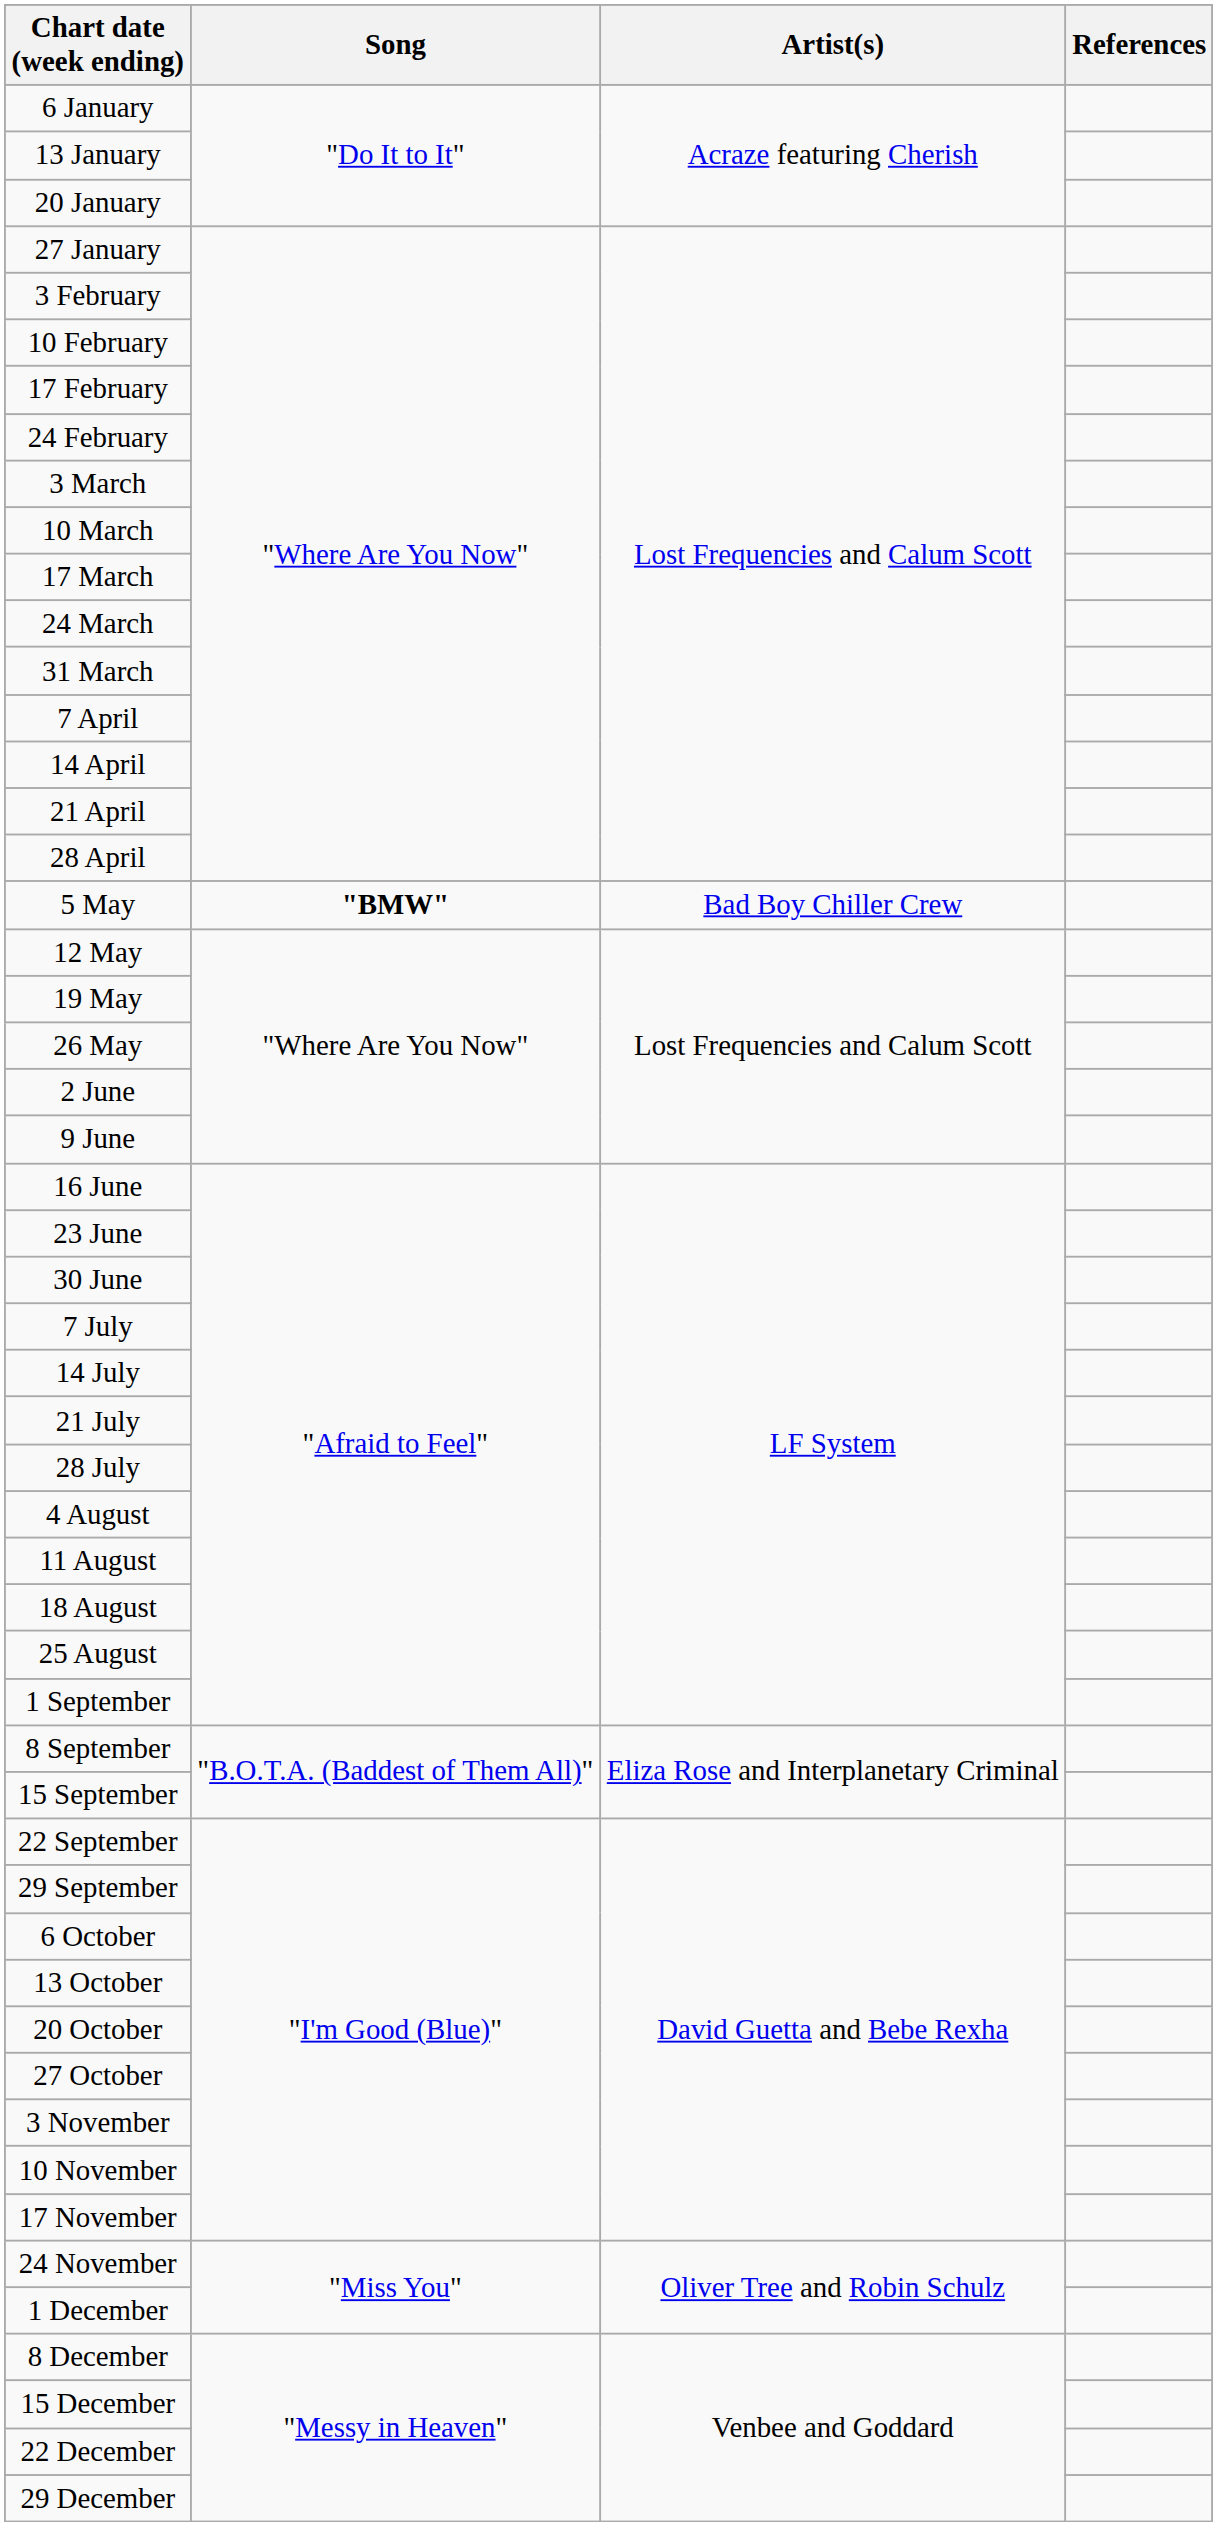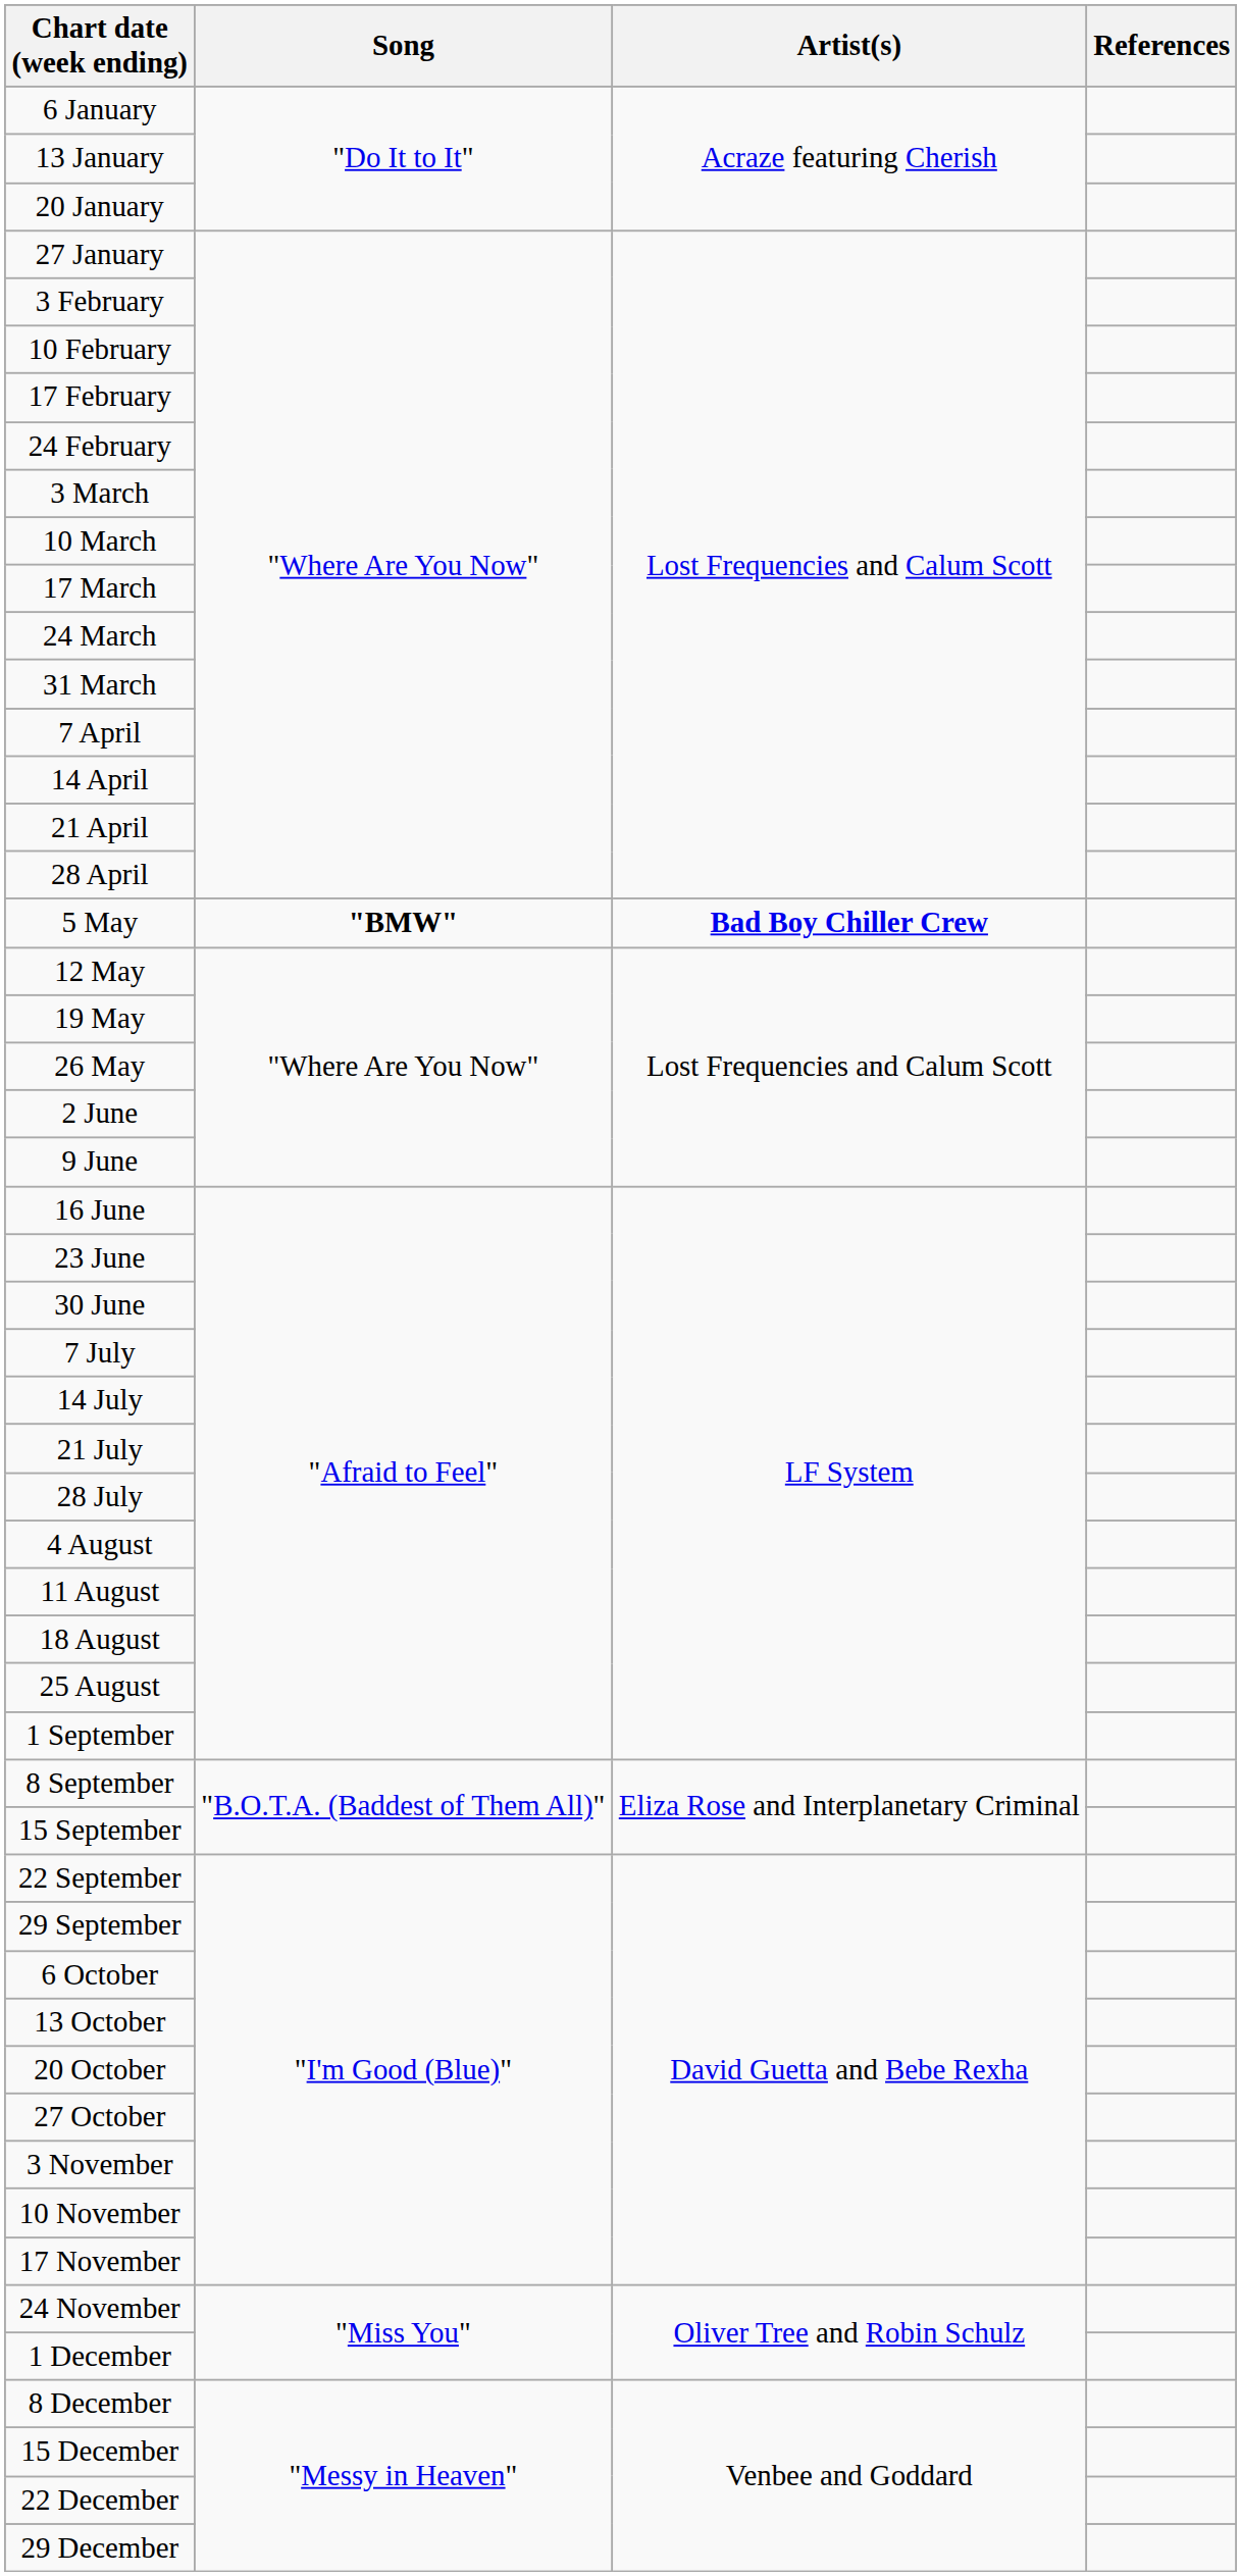 <table class="wikitable" style="font-size:97%; text-align:center;">
 <tr>
 <th>Chart date<br>(week ending)</th>
 <th>Song</th>
 <th>Artist(s)</th>
 <th>References</th>
 </tr>
 <tr>
 <td>6 January</td>
 <td rowspan=3>"<a href='#'>Do It to It</a>"</td>
 <td rowspan=3><a href='#'>Acraze</a> featuring <a href='#'>Cherish</a></td>
 <td></td>
 </tr>
 <tr>
 <td>13 January</td>
 <td></td>
 </tr>
 <tr>
 <td>20 January</td>
 <td></td>
 </tr>
 <tr>
 <td>27 January</td>
 <td rowspan=14>"<a href='#'>Where Are You Now</a>"</td>
 <td rowspan=14><a href='#'>Lost Frequencies</a> and <a href='#'>Calum Scott</a></td>
 <td></td>
 </tr>
 <tr>
 <td>3 February</td>
 <td></td>
 </tr>
 <tr>
 <td>10 February</td>
 <td></td>
 </tr>
 <tr>
 <td>17 February</td>
 <td></td>
 </tr>
 <tr>
 <td>24 February</td>
 <td></td>
 </tr>
 <tr>
 <td>3 March</td>
 <td></td>
 </tr>
 <tr>
 <td>10 March</td>
 <td></td>
 </tr>
 <tr>
 <td>17 March</td>
 <td></td>
 </tr>
 <tr>
 <td>24 March</td>
 <td></td>
 </tr>
 <tr>
 <td>31 March</td>
 <td></td>
 </tr>
 <tr>
 <td>7 April</td>
 <td></td>
 </tr>
 <tr>
 <td>14 April</td>
 <td></td>
 </tr>
 <tr>
 <td>21 April</td>
 <td></td>
 </tr>
 <tr>
 <td>28 April</td>
 <td></td>
 </tr>
 <tr>
 <td>5 May</td>
 <td><strong>"BMW"</strong></td>
-<td><a href='#'>Bad Boy Chiller Crew</a></td>
+<td><strong><a href='#'>Bad Boy Chiller Crew</a></strong></td>
 <td></td>
 </tr>
 <tr>
 <td>12 May</td>
 <td rowspan=5>"Where Are You Now"</td>
 <td rowspan=5>Lost Frequencies and Calum Scott</td>
 <td></td>
 </tr>
 <tr>
 <td>19 May</td>
 <td></td>
 </tr>
 <tr>
 <td>26 May</td>
 <td></td>
 </tr>
 <tr>
 <td>2 June</td>
 <td></td>
 </tr>
 <tr>
 <td>9 June</td>
 <td></td>
 </tr>
 <tr>
 <td>16 June</td>
 <td rowspan=12>"<a href='#'>Afraid to Feel</a>"</td>
 <td rowspan=12><a href='#'>LF System</a></td>
 <td></td>
 </tr>
 <tr>
 <td>23 June</td>
 <td></td>
 </tr>
 <tr>
 <td>30 June</td>
 <td></td>
 </tr>
 <tr>
 <td>7 July</td>
 <td></td>
 </tr>
 <tr>
 <td>14 July </td>
 <td></td>
 </tr>
 <tr>
 <td>21 July </td>
 <td></td>
 </tr>
 <tr>
 <td>28 July </td>
 <td></td>
 </tr>
 <tr>
 <td>4 August </td>
 <td></td>
 </tr>
 <tr>
 <td>11 August </td>
 <td></td>
 </tr>
 <tr>
 <td>18 August </td>
 <td></td>
 </tr>
 <tr>
 <td>25 August </td>
 <td></td>
 </tr>
 <tr>
 <td>1 September </td>
 <td></td>
 </tr>
 <tr>
 <td>8 September </td>
 <td rowspan=2>"<a href='#'>B.O.T.A. (Baddest of Them All)</a>"</td>
 <td rowspan=2><a href='#'>Eliza Rose</a> and Interplanetary Criminal</td>
 <td></td>
 </tr>
 <tr>
 <td>15 September </td>
 <td></td>
 </tr>
 <tr>
 <td>22 September</td>
 <td rowspan=9>"<a href='#'>I'm Good (Blue)</a>"</td>
 <td rowspan=9><a href='#'>David Guetta</a> and <a href='#'>Bebe Rexha</a></td>
 <td></td>
 </tr>
 <tr>
 <td>29 September</td>
 <td></td>
 </tr>
 <tr>
 <td>6 October</td>
 <td></td>
 </tr>
 <tr>
 <td>13 October</td>
 <td></td>
 </tr>
 <tr>
 <td>20 October</td>
 <td></td>
 </tr>
 <tr>
 <td>27 October</td>
 <td></td>
 </tr>
 <tr>
 <td>3 November</td>
 <td></td>
 </tr>
 <tr>
 <td>10 November</td>
 <td></td>
 </tr>
 <tr>
 <td>17 November</td>
 <td></td>
 </tr>
 <tr>
 <td>24 November</td>
 <td rowspan=2>"<a href='#'>Miss You</a>"</td>
 <td rowspan=2><a href='#'>Oliver Tree</a> and <a href='#'>Robin Schulz</a></td>
 <td></td>
 </tr>
 <tr>
 <td>1 December</td>
 <td></td>
 </tr>
 <tr>
 <td>8 December</td>
 <td rowspan=4>"<a href='#'>Messy in Heaven</a>"</td>
 <td rowspan=4>Venbee and Goddard</td>
 <td></td>
 </tr>
 <tr>
 <td>15 December</td>
 <td></td>
 </tr>
 <tr>
 <td>22 December</td>
 <td></td>
 </tr>
 <tr>
 <td>29 December</td>
 <td></td>
 </tr>
 </table>
